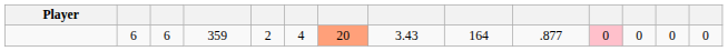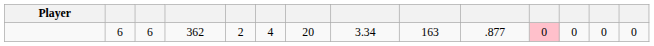 <table class="wikitable sortable" style="width:100%; text-align:center;">
 <tr>
 <th>Player</th>
 <th></th>
 <th></th>
 <th></th>
 <th></th>
 <th></th>
 <th></th>
 <th></th>
 <th></th>
 <th></th>
 <th></th>
 <th></th>
 <th></th>
 <th></th>
 </tr>
 <tr>
 <td style=white-space:nowrap></td>
 <td>6</td>
 <td>6</td>
-<td>359</td>
+<td>362</td>
 <td>2</td>
 <td>4</td>
-<td style="background: lightsalmon;">20</td>
-<td>3.43</td>
-<td>164</td>
+<td>20</td>
+<td>3.34</td>
+<td>163</td>
 <td>.877</td>
 <td style="background: pink;">0</td>
 <td>0</td>
 <td>0</td>
 <td>0</td>
 </tr>
 </table>
